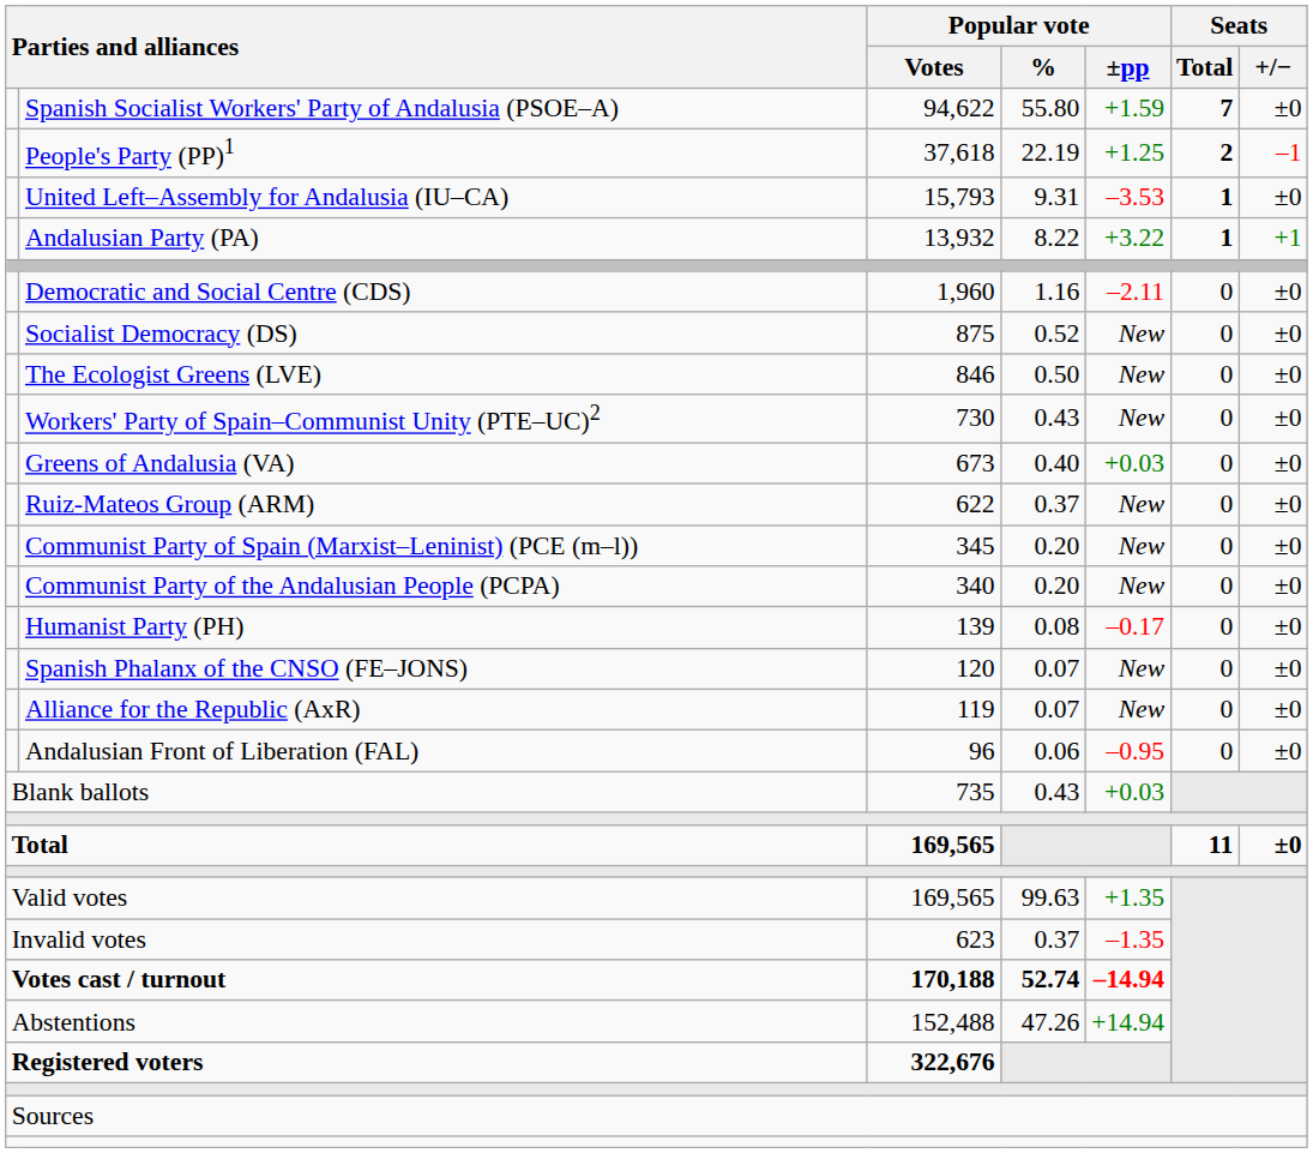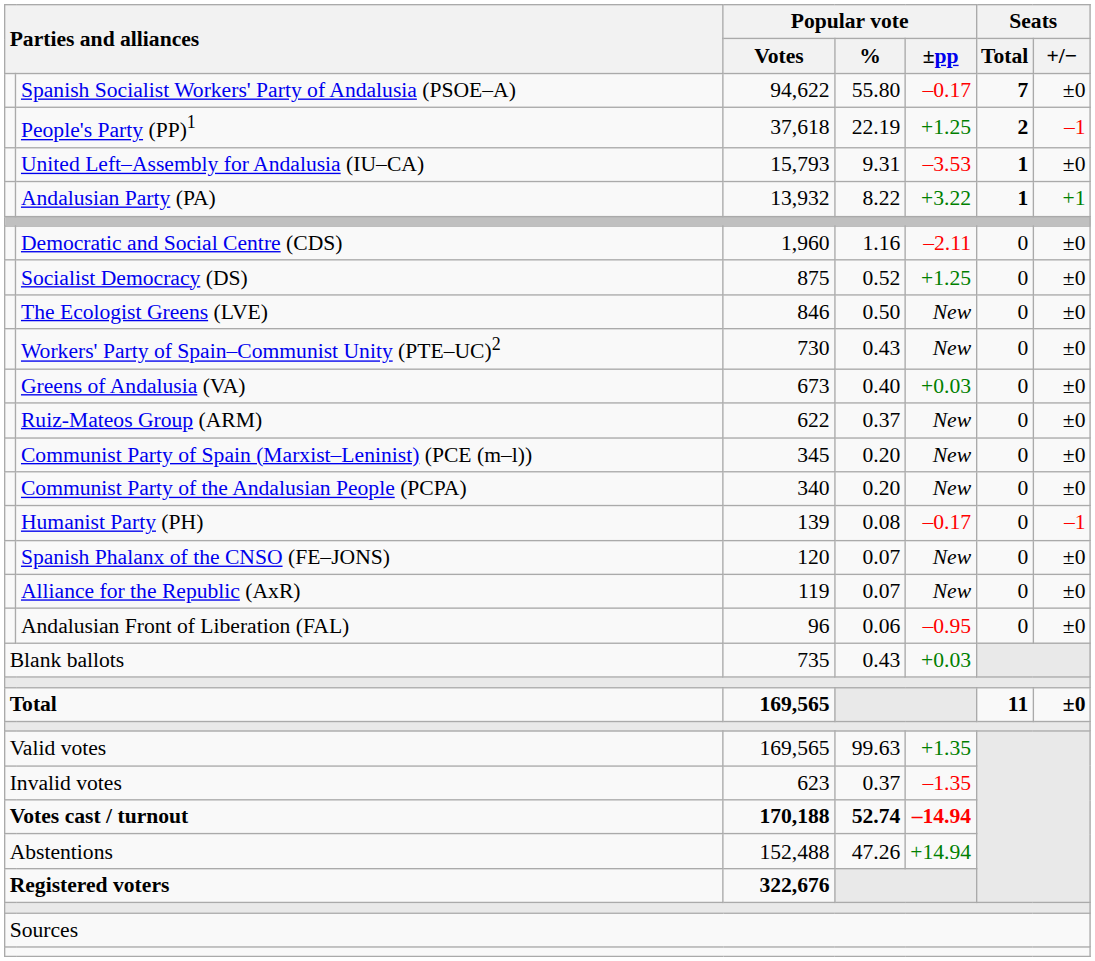 <table class="wikitable" style="text-align:right;">
 <tr>
 <th style="text-align:left;" rowspan="2" colspan="2" width="525">Parties and alliances</th>
 <th colspan="3">Popular vote</th>
 <th colspan="2">Seats</th>
 </tr>
 <tr>
 <th width="75">Votes</th>
 <th width="45">%</th>
 <th width="45">±<a href='#'>pp</a></th>
 <th width="35">Total</th>
 <th width="35">+/−</th>
 </tr>
 <tr>
 <td width="1" style="color:inherit;background:"></td>
 <td align="left"><a href='#'>Spanish Socialist Workers' Party of Andalusia</a> (PSOE–A)</td>
 <td>94,622</td>
 <td>55.80</td>
-<td style="color:green;">+1.59</td>
+<td style="color:red;">–0.17</td>
 <td><strong>7</strong></td>
 <td>±0</td>
 </tr>
 <tr>
 <td style="color:inherit;background:"></td>
 <td align="left"><a href='#'>People's Party</a> (PP)<sup>1</sup></td>
 <td>37,618</td>
 <td>22.19</td>
 <td style="color:green;">+1.25</td>
 <td><strong>2</strong></td>
 <td style="color:red;">–1</td>
 </tr>
 <tr>
 <td style="color:inherit;background:"></td>
 <td align="left"><a href='#'>United Left–Assembly for Andalusia</a> (IU–CA)</td>
 <td>15,793</td>
 <td>9.31</td>
 <td style="color:red;">–3.53</td>
 <td><strong>1</strong></td>
 <td>±0</td>
 </tr>
 <tr>
 <td style="color:inherit;background:"></td>
 <td align="left"><a href='#'>Andalusian Party</a> (PA)</td>
 <td>13,932</td>
 <td>8.22</td>
 <td style="color:green;">+3.22</td>
 <td><strong>1</strong></td>
 <td style="color:green;">+1</td>
 </tr>
 <tr>
 <td colspan="7" bgcolor="#C0C0C0"></td>
 </tr>
 <tr>
 <td style="color:inherit;background:"></td>
 <td align="left"><a href='#'>Democratic and Social Centre</a> (CDS)</td>
 <td>1,960</td>
 <td>1.16</td>
 <td style="color:red;">–2.11</td>
 <td>0</td>
 <td>±0</td>
 </tr>
 <tr>
 <td style="color:inherit;background:"></td>
 <td align="left"><a href='#'>Socialist Democracy</a> (DS)</td>
 <td>875</td>
 <td>0.52</td>
-<td><em>New</em></td>
+<td style="color:green;">+1.25</td>
 <td>0</td>
 <td>±0</td>
 </tr>
 <tr>
 <td style="color:inherit;background:"></td>
 <td align="left"><a href='#'>The Ecologist Greens</a> (LVE)</td>
 <td>846</td>
 <td>0.50</td>
 <td><em>New</em></td>
 <td>0</td>
 <td>±0</td>
 </tr>
 <tr>
 <td style="color:inherit;background:"></td>
 <td align="left"><a href='#'>Workers' Party of Spain–Communist Unity</a> (PTE–UC)<sup>2</sup></td>
 <td>730</td>
 <td>0.43</td>
 <td><em>New</em></td>
 <td>0</td>
 <td>±0</td>
 </tr>
 <tr>
 <td style="color:inherit;background:"></td>
 <td align="left"><a href='#'>Greens of Andalusia</a> (VA)</td>
 <td>673</td>
 <td>0.40</td>
 <td style="color:green;">+0.03</td>
 <td>0</td>
 <td>±0</td>
 </tr>
 <tr>
 <td style="color:inherit;background:"></td>
 <td align="left"><a href='#'>Ruiz-Mateos Group</a> (ARM)</td>
 <td>622</td>
 <td>0.37</td>
 <td><em>New</em></td>
 <td>0</td>
 <td>±0</td>
 </tr>
 <tr>
 <td style="color:inherit;background:"></td>
 <td align="left"><a href='#'>Communist Party of Spain (Marxist–Leninist)</a> (PCE (m–l))</td>
 <td>345</td>
 <td>0.20</td>
 <td><em>New</em></td>
 <td>0</td>
 <td>±0</td>
 </tr>
 <tr>
 <td style="color:inherit;background:"></td>
 <td align="left"><a href='#'>Communist Party of the Andalusian People</a> (PCPA)</td>
 <td>340</td>
 <td>0.20</td>
 <td><em>New</em></td>
 <td>0</td>
 <td>±0</td>
 </tr>
 <tr>
 <td style="color:inherit;background:"></td>
 <td align="left"><a href='#'>Humanist Party</a> (PH)</td>
 <td>139</td>
 <td>0.08</td>
 <td style="color:red;">–0.17</td>
 <td>0</td>
-<td>±0</td>
+<td style="color:red;">–1</td>
 </tr>
 <tr>
 <td style="color:inherit;background:"></td>
 <td align="left"><a href='#'>Spanish Phalanx of the CNSO</a> (FE–JONS)</td>
 <td>120</td>
 <td>0.07</td>
 <td><em>New</em></td>
 <td>0</td>
 <td>±0</td>
 </tr>
 <tr>
 <td style="color:inherit;background:"></td>
 <td align="left"><a href='#'>Alliance for the Republic</a> (AxR)</td>
 <td>119</td>
 <td>0.07</td>
 <td><em>New</em></td>
 <td>0</td>
 <td>±0</td>
 </tr>
 <tr>
 <td style="color:inherit;background:"></td>
 <td align="left">Andalusian Front of Liberation (FAL)</td>
 <td>96</td>
 <td>0.06</td>
 <td style="color:red;">–0.95</td>
 <td>0</td>
 <td>±0</td>
 </tr>
 <tr>
 <td align="left" colspan="2">Blank ballots</td>
 <td>735</td>
 <td>0.43</td>
 <td style="color:green;">+0.03</td>
 <td bgcolor="#E9E9E9" colspan="2"></td>
 </tr>
 <tr>
 <td colspan="7" bgcolor="#E9E9E9"></td>
 </tr>
 <tr style="font-weight:bold;">
 <td align="left" colspan="2">Total</td>
 <td>169,565</td>
 <td bgcolor="#E9E9E9" colspan="2"></td>
 <td>11</td>
 <td>±0</td>
 </tr>
 <tr>
 <td colspan="7" bgcolor="#E9E9E9"></td>
 </tr>
 <tr>
 <td align="left" colspan="2">Valid votes</td>
 <td>169,565</td>
 <td>99.63</td>
 <td style="color:green;">+1.35</td>
 <td bgcolor="#E9E9E9" colspan="2" rowspan="5"></td>
 </tr>
 <tr>
 <td align="left" colspan="2">Invalid votes</td>
 <td>623</td>
 <td>0.37</td>
 <td style="color:red;">–1.35</td>
 </tr>
 <tr style="font-weight:bold;">
 <td align="left" colspan="2">Votes cast / turnout</td>
 <td>170,188</td>
 <td>52.74</td>
 <td style="color:red;">–14.94</td>
 </tr>
 <tr>
 <td align="left" colspan="2">Abstentions</td>
 <td>152,488</td>
 <td>47.26</td>
 <td style="color:green;">+14.94</td>
 </tr>
 <tr style="font-weight:bold;">
 <td align="left" colspan="2">Registered voters</td>
 <td>322,676</td>
 <td bgcolor="#E9E9E9" colspan="2"></td>
 </tr>
 <tr>
 <td colspan="7" bgcolor="#E9E9E9"></td>
 </tr>
 <tr>
 <td align="left" colspan="7">Sources</td>
 </tr>
 <tr>
 <td colspan="7" style="text-align:left; max-width:790px;"></td>
 </tr>
 </table>
